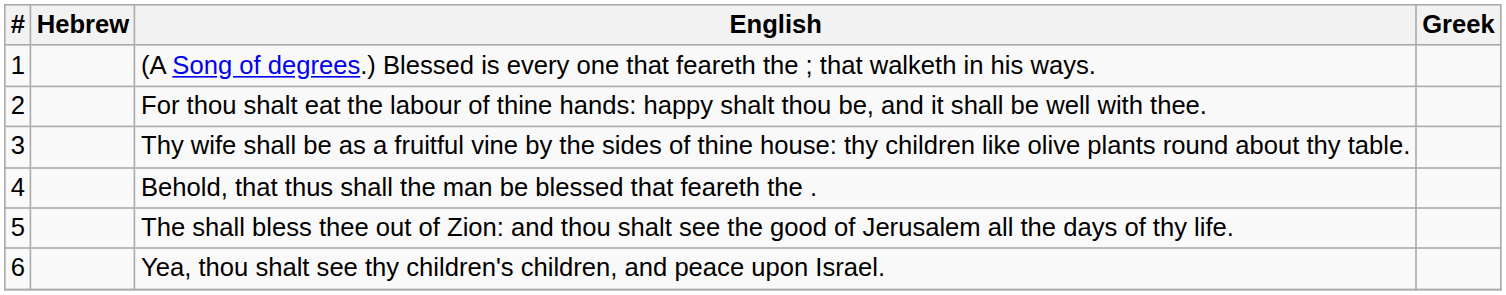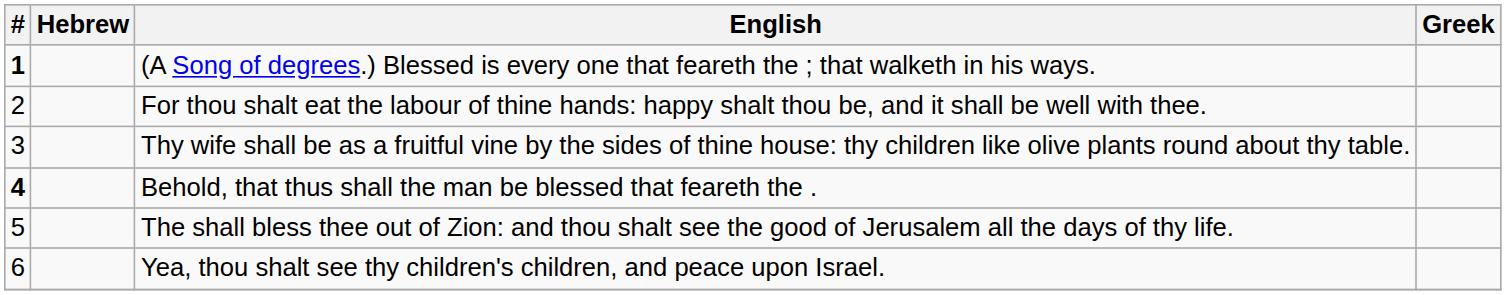 <table class=wikitable>
 <tr>
 <th>#</th>
 <th>Hebrew</th>
 <th>English</th>
 <th>Greek</th>
 </tr>
 <tr>
-<td style="text-align:right">1</td>
+<td style="text-align:right"><strong>1</strong></td>
 <td style="text-align:right"></td>
 <td>(A <a href='#'>Song of degrees</a>.) Blessed is every one that feareth the ; that walketh in his ways.</td>
 <td></td>
 </tr>
 <tr>
 <td style="text-align:right">2</td>
 <td style="text-align:right"></td>
 <td>For thou shalt eat the labour of thine hands: happy shalt thou be, and it shall be well with thee.</td>
 <td></td>
 </tr>
 <tr>
 <td style="text-align:right">3</td>
 <td style="text-align:right"></td>
 <td>Thy wife shall be as a fruitful vine by the sides of thine house: thy children like olive plants round about thy table.</td>
 <td></td>
 </tr>
 <tr>
-<td style="text-align:right">4</td>
+<td style="text-align:right"><strong>4</strong></td>
 <td style="text-align:right"></td>
 <td>Behold, that thus shall the man be blessed that feareth the .</td>
 <td></td>
 </tr>
 <tr>
 <td style="text-align:right">5</td>
 <td style="text-align:right"></td>
 <td>The  shall bless thee out of Zion: and thou shalt see the good of Jerusalem all the days of thy life.</td>
 <td></td>
 </tr>
 <tr>
 <td style="text-align:right">6</td>
 <td style="text-align:right"></td>
 <td>Yea, thou shalt see thy children's children, and peace upon Israel.</td>
 <td></td>
 </tr>
 <tr>
 </tr>
 </table>
